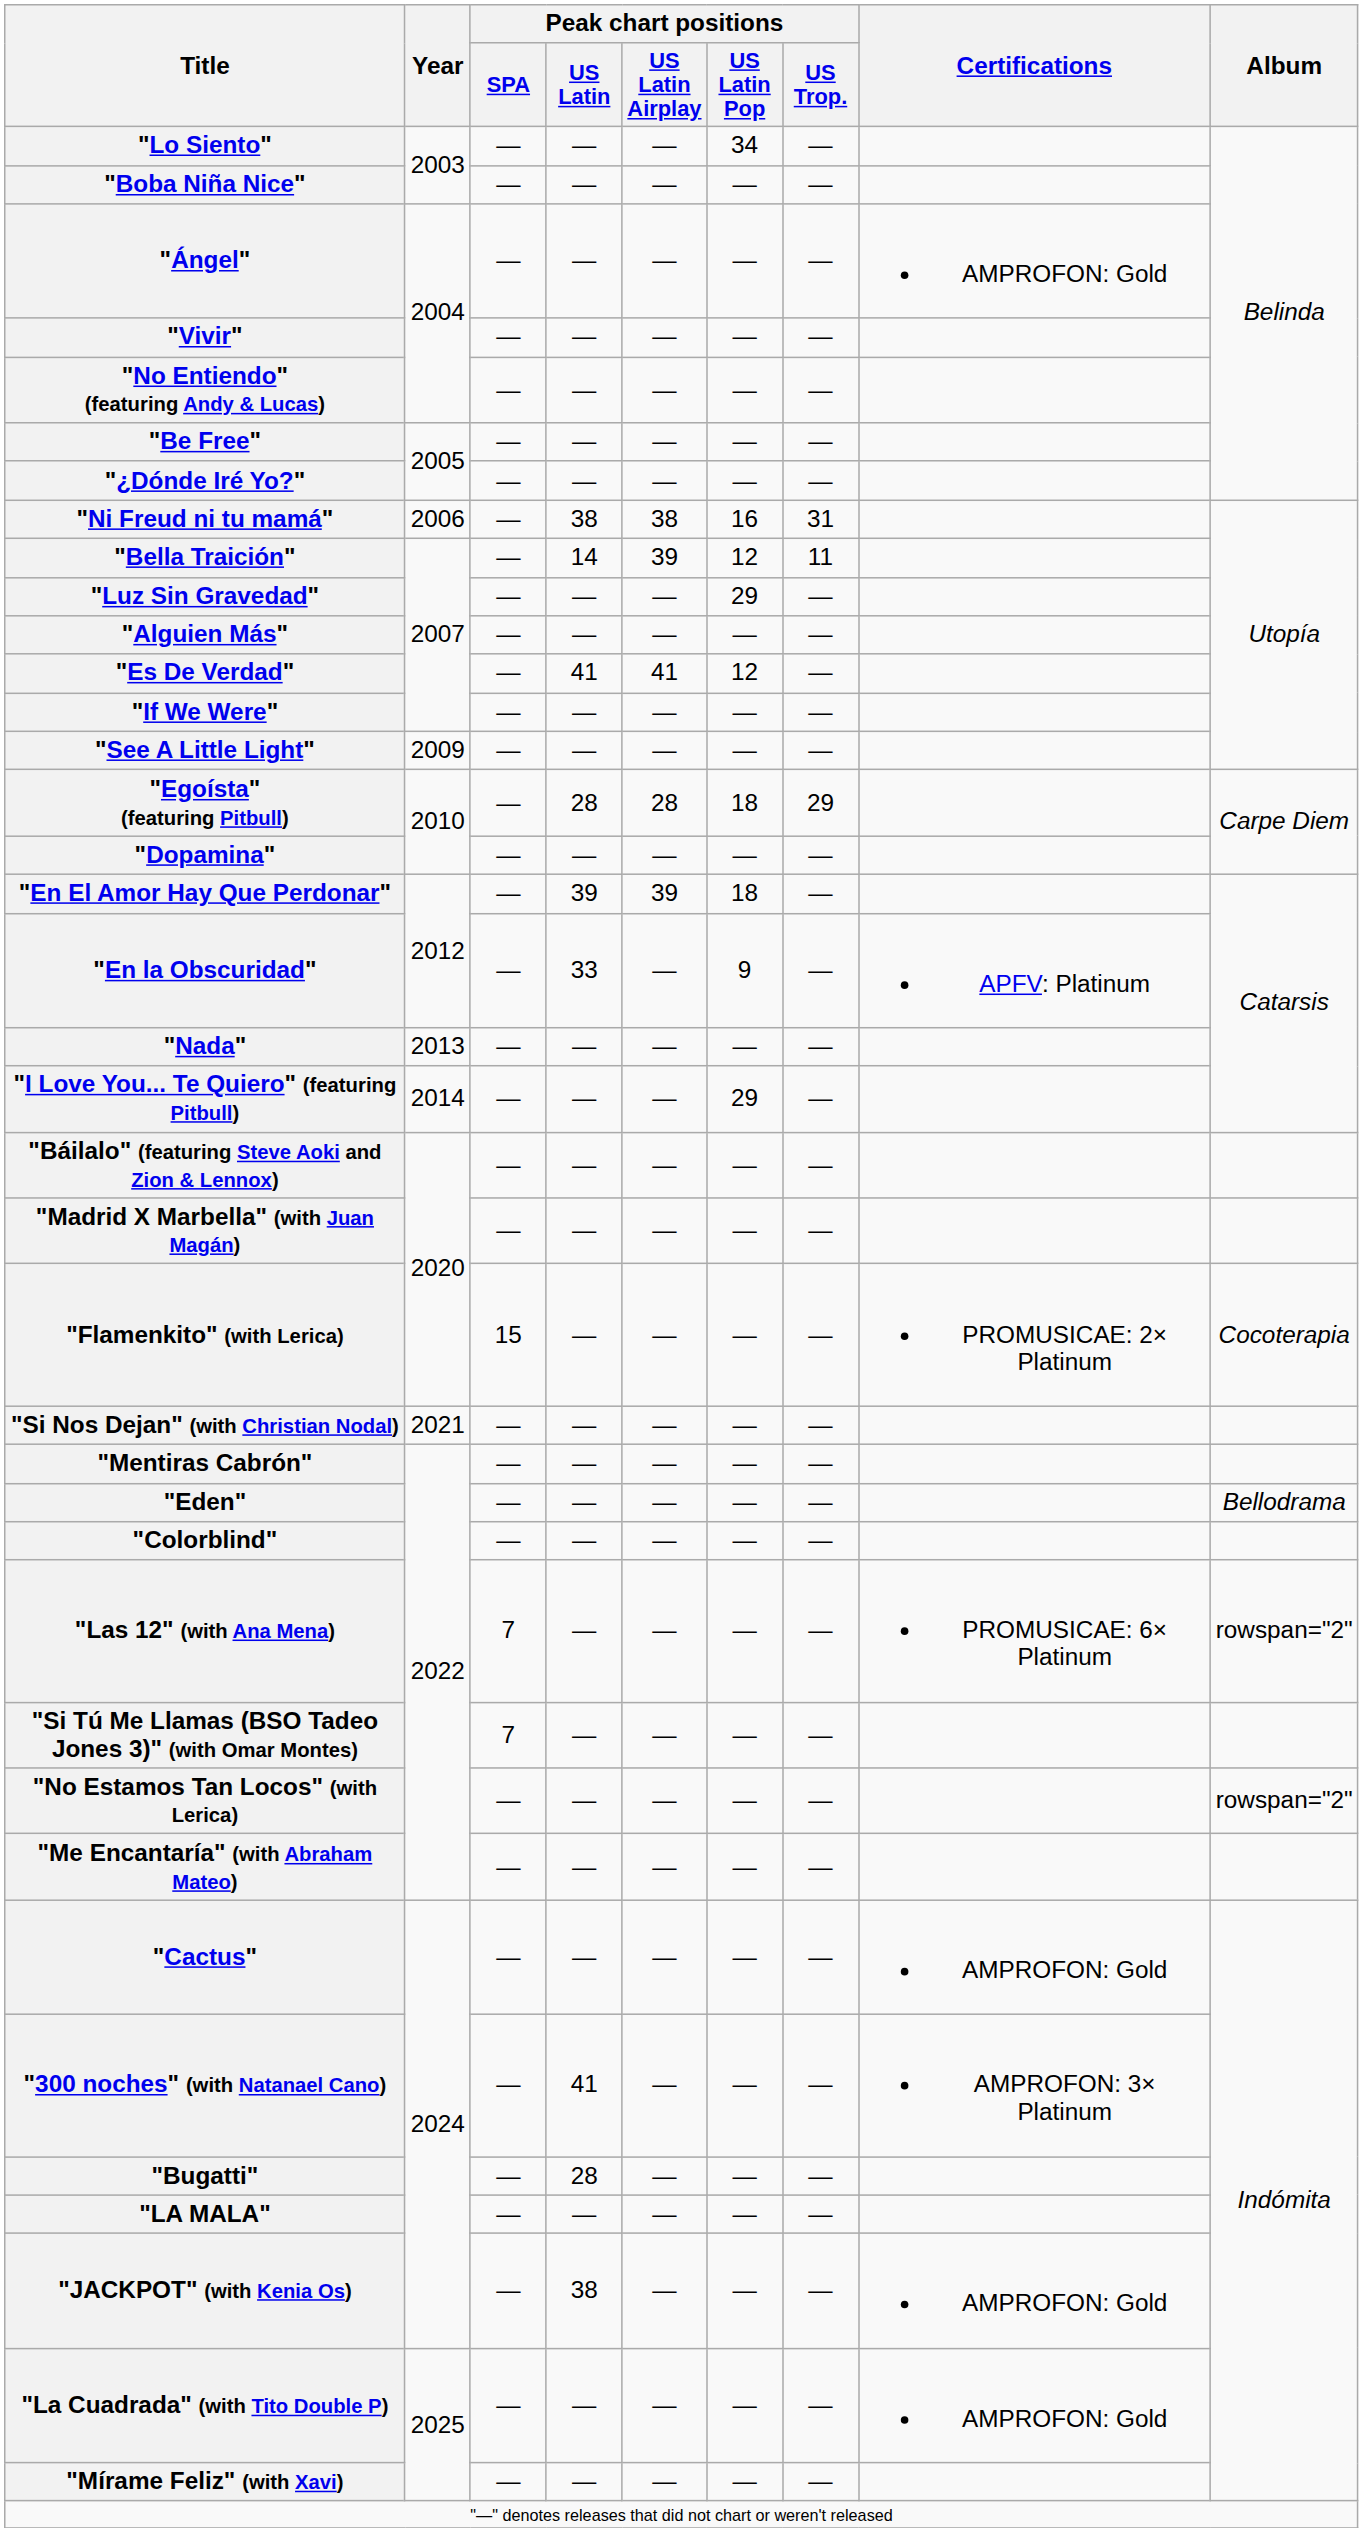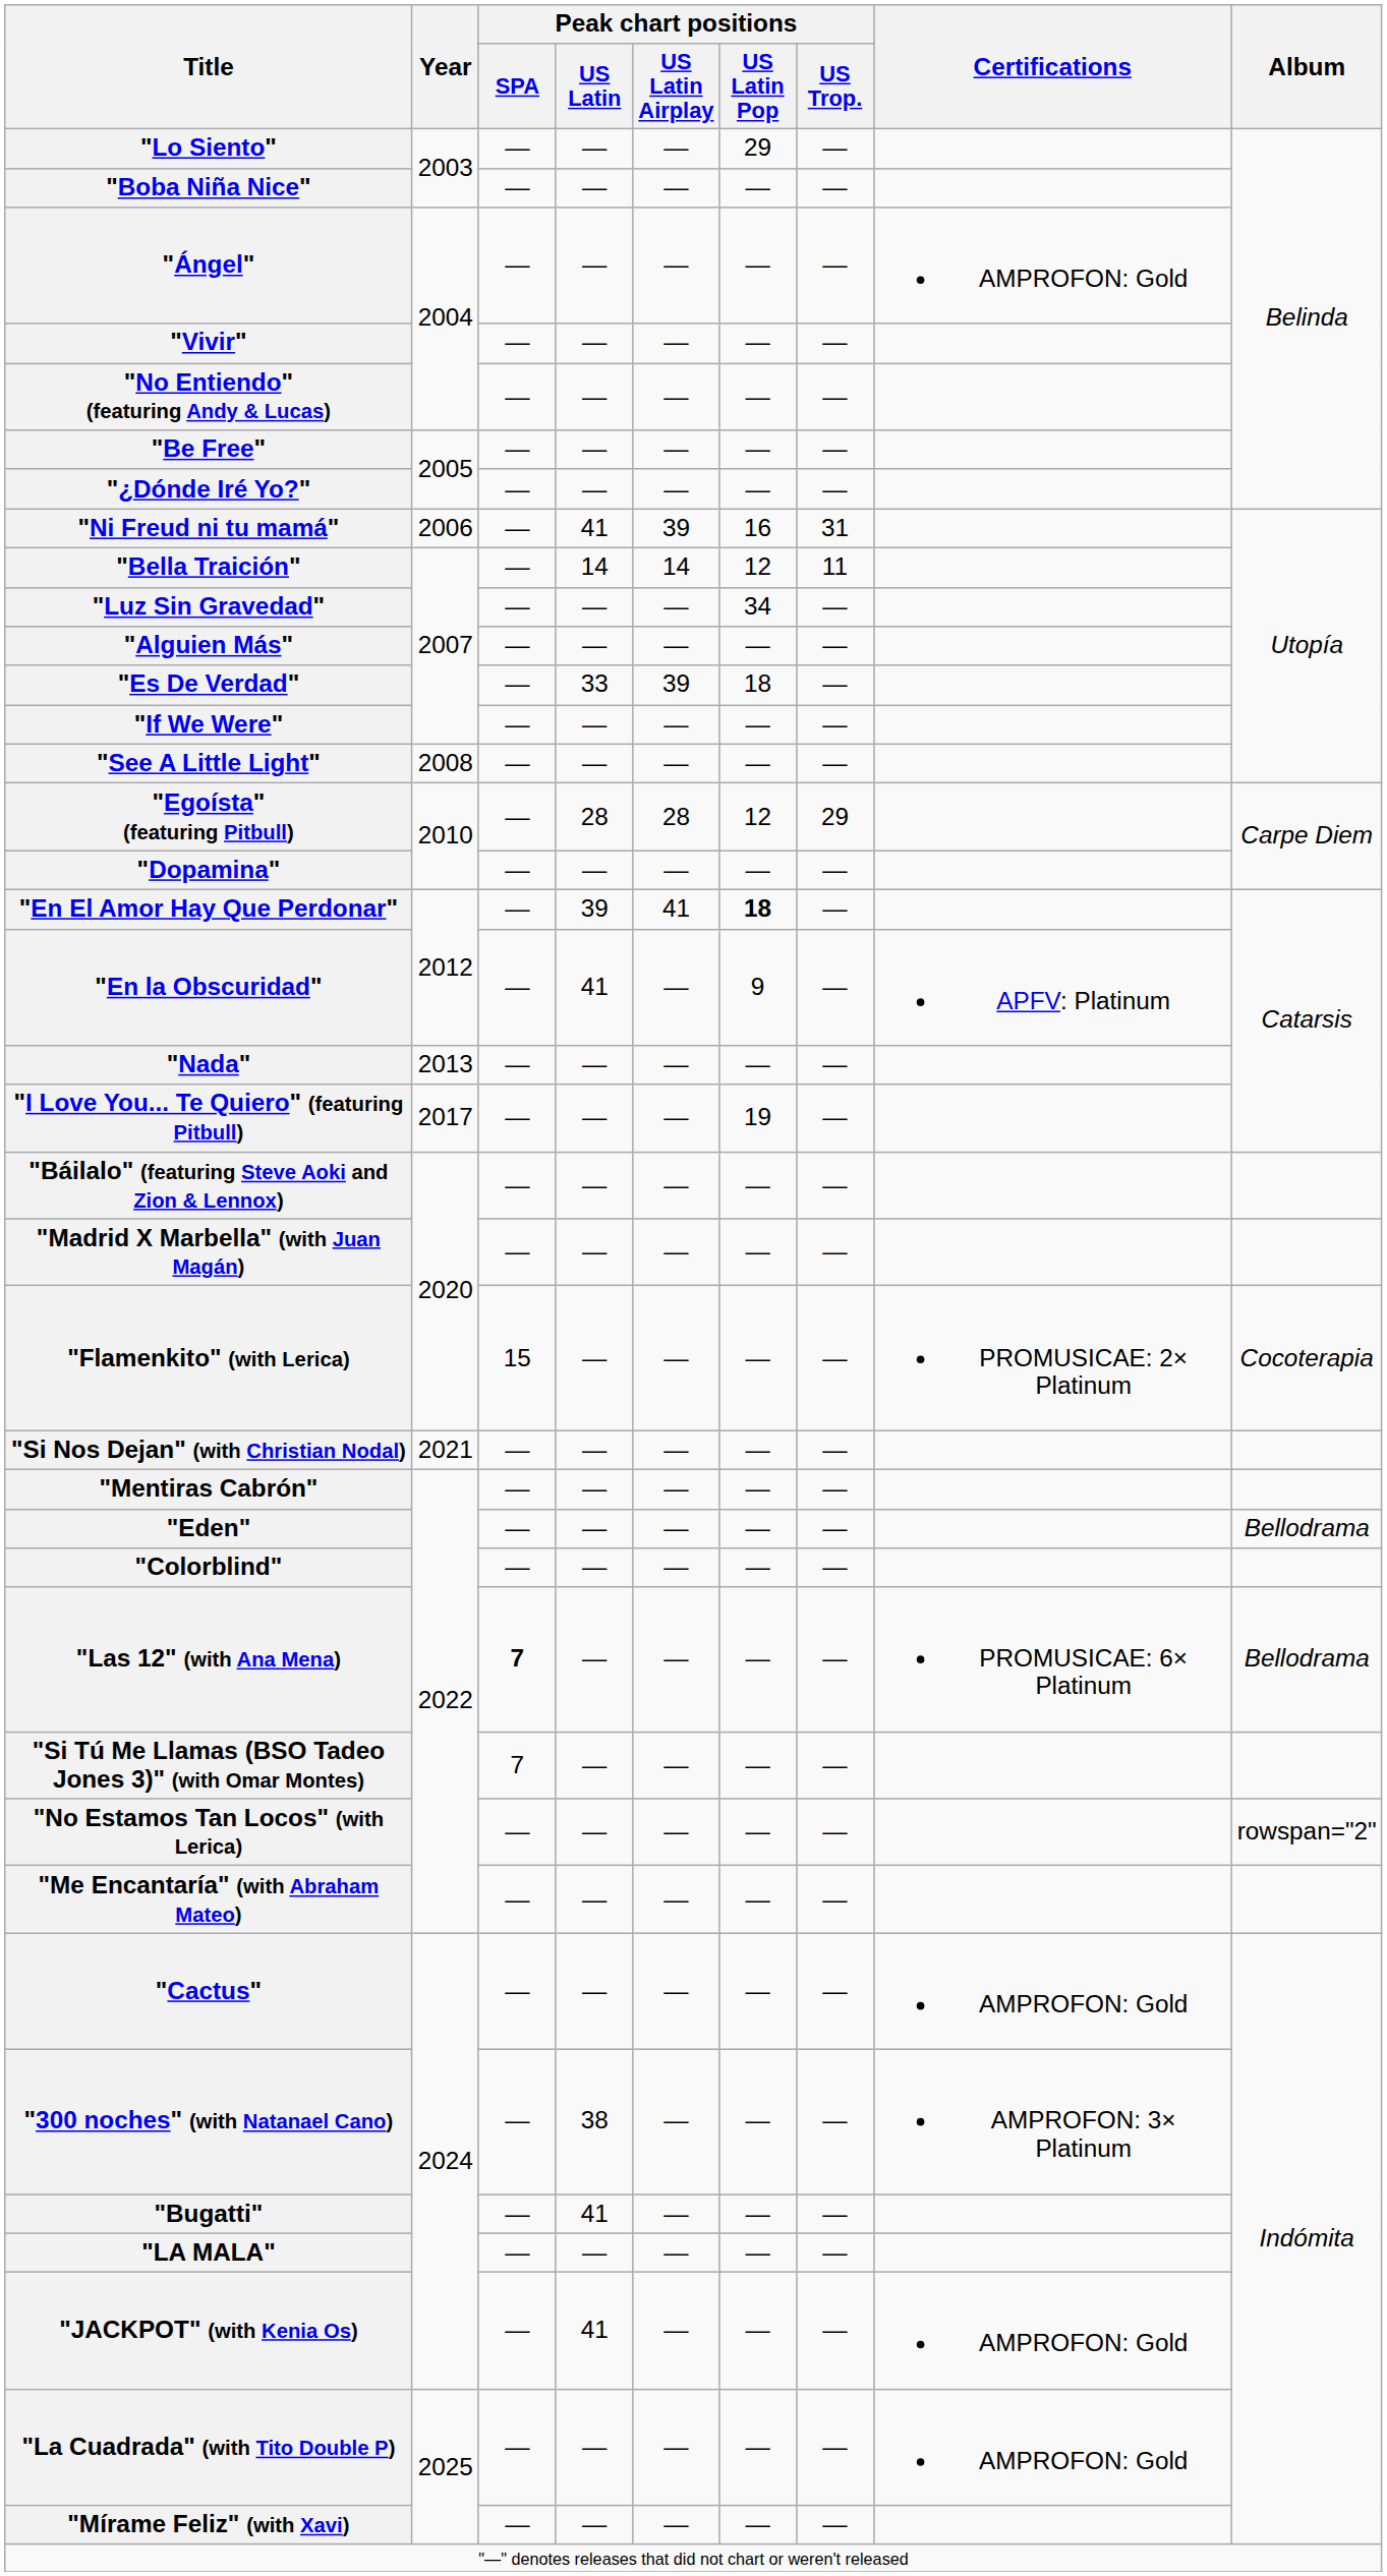 <table class="wikitable plainrowheaders" style="text-align:center;">
 <tr>
 <th scope="col" rowspan="2" style="width:16em;">Title</th>
 <th scope="col" rowspan="2">Year</th>
 <th scope="col" colspan="5">Peak chart positions</th>
 <th scope="col" rowspan="2" style="width:14em;"><a href='#'>Certifications</a></th>
 <th scope="col" rowspan="2">Album</th>
 </tr>
 <tr>
 <th scope="col" style="width:3em;font-size:90%;"><a href='#'>SPA</a><br></th>
 <th scope="col" style="width:3em;font-size:90%;"><a href='#'>US<br>Latin</a><br></th>
 <th scope="col" style="width:3em;font-size:90%;"><a href='#'>US<br>Latin<br>Airplay</a><br></th>
 <th scope="col" style="width:3em;font-size:90%;"><a href='#'>US<br>Latin<br>Pop</a><br></th>
 <th scope="col" style="width:3em;font-size:90%;"><a href='#'>US<br>Trop.</a><br></th>
 </tr>
 <tr>
 <th scope="row">"<a href='#'>Lo Siento</a>"</th>
 <td rowspan="2">2003</td>
 <td>—</td>
 <td>—</td>
 <td>—</td>
-<td>34</td>
+<td>29</td>
 <td>—</td>
 <td></td>
 <td align="center" rowspan="7"><em>Belinda</em></td>
 </tr>
 <tr>
 <th scope="row">"<a href='#'>Boba Niña Nice</a>"</th>
 <td>—</td>
 <td>—</td>
 <td>—</td>
 <td>—</td>
 <td>—</td>
 <td></td>
 </tr>
 <tr>
 <th scope="row">"<a href='#'>Ángel</a>"</th>
 <td rowspan="3">2004</td>
 <td>—</td>
 <td>—</td>
 <td>—</td>
 <td>—</td>
 <td>—</td>
 <td><br><ul><li>AMPROFON: Gold</li></ul></td>
 </tr>
 <tr>
 <th scope="row">"<a href='#'>Vivir</a>"</th>
 <td>—</td>
 <td>—</td>
 <td>—</td>
 <td>—</td>
 <td>—</td>
 <td></td>
 </tr>
 <tr>
 <th scope="row">"<a href='#'>No Entiendo</a>"<br><small>(featuring <a href='#'>Andy & Lucas</a>)</small></th>
 <td>—</td>
 <td>—</td>
 <td>—</td>
 <td>—</td>
 <td>—</td>
 <td></td>
 </tr>
 <tr>
 <th scope="row">"<a href='#'>Be Free</a>"</th>
 <td rowspan="2">2005</td>
 <td>—</td>
 <td>—</td>
 <td>—</td>
 <td>—</td>
 <td>—</td>
 <td></td>
 </tr>
 <tr>
 <th scope="row">"<a href='#'>¿Dónde Iré Yo?</a>"</th>
 <td>—</td>
 <td>—</td>
 <td>—</td>
 <td>—</td>
 <td>—</td>
 <td></td>
 </tr>
 <tr>
 <th scope="row">"<a href='#'>Ni Freud ni tu mamá</a>"</th>
 <td>2006</td>
 <td>—</td>
-<td>38</td>
-<td>38</td>
+<td>41</td>
+<td>39</td>
 <td>16</td>
 <td>31</td>
 <td></td>
 <td align="center" rowspan="7"><em>Utopía</em></td>
 </tr>
 <tr>
 <th scope="row">"<a href='#'>Bella Traición</a>"</th>
 <td rowspan="5">2007</td>
 <td>—</td>
 <td>14</td>
-<td>39</td>
+<td>14</td>
 <td>12</td>
 <td>11</td>
 <td></td>
 </tr>
 <tr>
 <th scope="row">"<a href='#'>Luz Sin Gravedad</a>"</th>
 <td>—</td>
 <td>—</td>
 <td>—</td>
-<td>29</td>
+<td>34</td>
 <td>—</td>
 <td></td>
 </tr>
 <tr>
 <th scope="row">"<a href='#'>Alguien Más</a>"</th>
 <td>—</td>
 <td>—</td>
 <td>—</td>
 <td>—</td>
 <td>—</td>
 <td></td>
 </tr>
 <tr>
 <th scope="row">"<a href='#'>Es De Verdad</a>"</th>
 <td>—</td>
-<td>41</td>
-<td>41</td>
-<td>12</td>
+<td>33</td>
+<td>39</td>
+<td>18</td>
 <td>—</td>
 <td></td>
 </tr>
 <tr>
 <th scope="row">"<a href='#'>If We Were</a>"</th>
 <td>—</td>
 <td>—</td>
 <td>—</td>
 <td>—</td>
 <td>—</td>
 <td></td>
 </tr>
 <tr>
 <th scope="row">"<a href='#'>See A Little Light</a>"</th>
-<td>2009</td>
+<td>2008</td>
 <td>—</td>
 <td>—</td>
 <td>—</td>
 <td>—</td>
 <td>—</td>
 <td></td>
 </tr>
 <tr>
 <th scope="row">"<a href='#'>Egoísta</a>"<br><small>(featuring <a href='#'>Pitbull</a>)</small></th>
 <td rowspan="2">2010</td>
 <td>—</td>
 <td>28</td>
 <td>28</td>
-<td>18</td>
+<td>12</td>
 <td>29</td>
 <td></td>
 <td align="center" rowspan="2"><em>Carpe Diem</em></td>
 </tr>
 <tr>
 <th scope="row">"<a href='#'>Dopamina</a>"</th>
 <td>—</td>
 <td>—</td>
 <td>—</td>
 <td>—</td>
 <td>—</td>
 <td></td>
 </tr>
 <tr>
 <th scope="row">"<a href='#'>En El Amor Hay Que Perdonar</a>"</th>
 <td rowspan="2">2012</td>
 <td>—</td>
 <td>39</td>
-<td>39</td>
-<td>18</td>
+<td>41</td>
+<td><strong>18</strong></td>
 <td>—</td>
 <td></td>
 <td align="center" rowspan="4"><em>Catarsis</em></td>
 </tr>
 <tr>
 <th scope="row">"<a href='#'>En la Obscuridad</a>"</th>
 <td>—</td>
-<td>33</td>
+<td>41</td>
 <td>—</td>
 <td>9</td>
 <td>—</td>
 <td><br><ul><li><a href='#'>APFV</a>: Platinum</li></ul></td>
 </tr>
 <tr>
 <th scope="row">"<a href='#'>Nada</a>"</th>
 <td>2013</td>
 <td>—</td>
 <td>—</td>
 <td>—</td>
 <td>—</td>
 <td>—</td>
 <td></td>
 </tr>
 <tr>
 <th scope="row">"<a href='#'>I Love You... Te Quiero</a>" <small>(featuring <a href='#'>Pitbull</a>)</small></th>
-<td>2014</td>
+<td>2017</td>
 <td>—</td>
 <td>—</td>
 <td>—</td>
-<td>29</td>
+<td>19</td>
 <td>—</td>
 <td></td>
 </tr>
 <tr>
 <th scope="row">"Báilalo" <small>(featuring <a href='#'>Steve Aoki</a> and <a href='#'>Zion & Lennox</a>)</small></th>
 <td rowspan="3">2020</td>
 <td>—</td>
 <td>—</td>
 <td>—</td>
 <td>—</td>
 <td>—</td>
 <td></td>
 <td></td>
 </tr>
 <tr>
 <th scope="row">"Madrid X Marbella" <small>(with <a href='#'>Juan Magán</a>)</small></th>
 <td>—</td>
 <td>—</td>
 <td>—</td>
 <td>—</td>
 <td>—</td>
 <td></td>
 <td></td>
 </tr>
 <tr>
 <th scope="row">"Flamenkito" <small>(with Lerica)</small></th>
 <td>15</td>
 <td>—</td>
 <td>—</td>
 <td>—</td>
 <td>—</td>
 <td><br><ul><li>PROMUSICAE: 2× Platinum</li></ul></td>
 <td><em>Cocoterapia</em></td>
 </tr>
 <tr>
 <th scope="row">"Si Nos Dejan" <small>(with <a href='#'>Christian Nodal</a>)</small></th>
 <td>2021</td>
 <td>—</td>
 <td>—</td>
 <td>—</td>
 <td>—</td>
 <td>—</td>
 <td></td>
 <td></td>
 </tr>
 <tr>
 <th scope="row">"Mentiras Cabrón"</th>
 <td rowspan="7">2022</td>
 <td>—</td>
 <td>—</td>
 <td>—</td>
 <td>—</td>
 <td>—</td>
 <td></td>
 <td></td>
 </tr>
 <tr>
 <th scope="row">"Eden"</th>
 <td>—</td>
 <td>—</td>
 <td>—</td>
 <td>—</td>
 <td>—</td>
 <td></td>
 <td><em>Bellodrama</em></td>
 </tr>
 <tr>
 <th scope="row">"Colorblind"</th>
 <td>—</td>
 <td>—</td>
 <td>—</td>
 <td>—</td>
 <td>—</td>
 <td></td>
 </tr>
 <tr>
 <th scope="row">"Las 12" <small>(with <a href='#'>Ana Mena</a>)</small></th>
-<td>7</td>
+<td><strong>7</strong></td>
 <td>—</td>
 <td>—</td>
 <td>—</td>
 <td>—</td>
 <td><br><ul><li>PROMUSICAE: 6× Platinum</li></ul></td>
-<td>rowspan="2"</td>
+<td><em>Bellodrama</em></td>
 </tr>
 <tr>
 <th scope="row">"Si Tú Me Llamas (BSO Tadeo Jones 3)" <small>(with Omar Montes)</small></th>
 <td>7</td>
 <td>—</td>
 <td>—</td>
 <td>—</td>
 <td>—</td>
 <td></td>
 <td></td>
 </tr>
 <tr>
 <th scope="row">"No Estamos Tan Locos" <small>(with Lerica)</small></th>
 <td>—</td>
 <td>—</td>
 <td>—</td>
 <td>—</td>
 <td>—</td>
 <td></td>
 <td>rowspan="2"</td>
 </tr>
 <tr>
 <th scope="row">"Me Encantaría" <small>(with <a href='#'>Abraham Mateo</a>)</small></th>
 <td>—</td>
 <td>—</td>
 <td>—</td>
 <td>—</td>
 <td>—</td>
 <td></td>
 </tr>
 <tr>
 <th scope="row">"<a href='#'>Cactus</a>"</th>
 <td rowspan="5">2024</td>
 <td>—</td>
 <td>—</td>
 <td>—</td>
 <td>—</td>
 <td>—</td>
 <td><br><ul><li>AMPROFON: Gold</li></ul></td>
 <td rowspan="7"><em>Indómita</em></td>
 </tr>
 <tr>
 <th scope="row">"<a href='#'>300 noches</a>"  <small>(with <a href='#'>Natanael Cano</a>)</small></th>
 <td>—</td>
-<td>41</td>
+<td>38</td>
 <td>—</td>
 <td>—</td>
 <td>—</td>
 <td><br><ul><li>AMPROFON: 3× Platinum</li></ul></td>
 </tr>
 <tr>
 <th scope="row">"Bugatti"</th>
 <td>—</td>
-<td>28</td>
+<td>41</td>
 <td>—</td>
 <td>—</td>
 <td>—</td>
 <td></td>
 </tr>
 <tr>
 <th scope="row">"LA MALA"</th>
 <td>—</td>
 <td>—</td>
 <td>—</td>
 <td>—</td>
 <td>—</td>
 <td></td>
 </tr>
 <tr>
 <th scope="row">"JACKPOT"  <small>(with <a href='#'>Kenia Os</a>)</small></th>
 <td>—</td>
-<td>38</td>
+<td>41</td>
 <td>—</td>
 <td>—</td>
 <td>—</td>
 <td><br><ul><li>AMPROFON: Gold</li></ul></td>
 </tr>
 <tr>
 <th scope="row">"La Cuadrada" <small>(with <a href='#'>Tito Double P</a>)</small></th>
 <td rowspan="2">2025</td>
 <td>—</td>
 <td>—</td>
 <td>—</td>
 <td>—</td>
 <td>—</td>
 <td><br><ul><li>AMPROFON: Gold</li></ul></td>
 </tr>
 <tr>
 <th scope="row">"Mírame Feliz" <small>(with <a href='#'>Xavi</a>)</small></th>
 <td>—</td>
 <td>—</td>
 <td>—</td>
 <td>—</td>
 <td>—</td>
 <td></td>
 </tr>
 <tr>
 <td align="center" colspan="21" style="font-size: 8pt">"—" denotes releases that did not chart or weren't released</td>
 </tr>
 </table>
